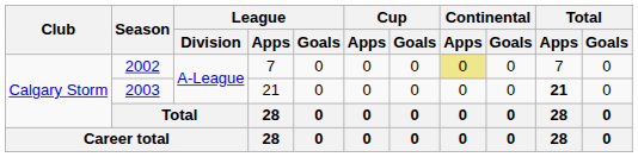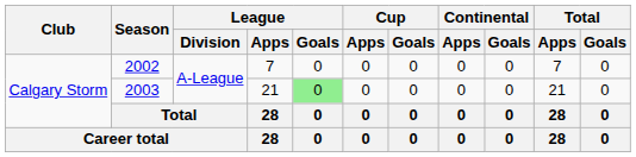 <table class="wikitable" style="text-align: center">
 <tr>
 <th rowspan="2">Club</th>
 <th rowspan="2">Season</th>
 <th colspan="3">League</th>
 <th colspan="2">Cup</th>
 <th colspan="2">Continental</th>
 <th colspan="2">Total</th>
 </tr>
 <tr>
 <th>Division</th>
 <th>Apps</th>
 <th>Goals</th>
 <th>Apps</th>
 <th>Goals</th>
 <th>Apps</th>
 <th>Goals</th>
 <th>Apps</th>
 <th>Goals</th>
 </tr>
 <tr>
 <td rowspan="3"><a href='#'>Calgary Storm</a></td>
 <td><a href='#'>2002</a></td>
 <td rowspan="2"><a href='#'>A-League</a></td>
 <td>7</td>
 <td>0</td>
 <td>0</td>
 <td>0</td>
-<td style="background: khaki;">0</td>
+<td>0</td>
 <td>0</td>
 <td>7</td>
 <td>0</td>
 </tr>
 <tr>
 <td><a href='#'>2003</a></td>
 <td>21</td>
+<td style="background: lightgreen;">0</td>
 <td>0</td>
 <td>0</td>
 <td>0</td>
 <td>0</td>
-<td>0</td>
-<td><strong>21</strong></td>
+<td>21</td>
 <td>0</td>
 </tr>
 <tr>
 <th colspan="2">Total</th>
 <th>28</th>
 <th>0</th>
 <th>0</th>
 <th>0</th>
 <th>0</th>
 <th>0</th>
 <th>28</th>
 <th>0</th>
 </tr>
 <tr>
 <th colspan="3">Career total</th>
 <th>28</th>
 <th>0</th>
 <th>0</th>
 <th>0</th>
 <th>0</th>
 <th>0</th>
 <th>28</th>
 <th>0</th>
 </tr>
 </table>
